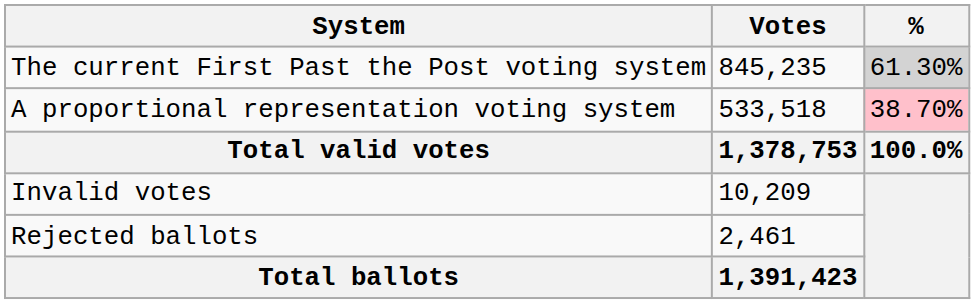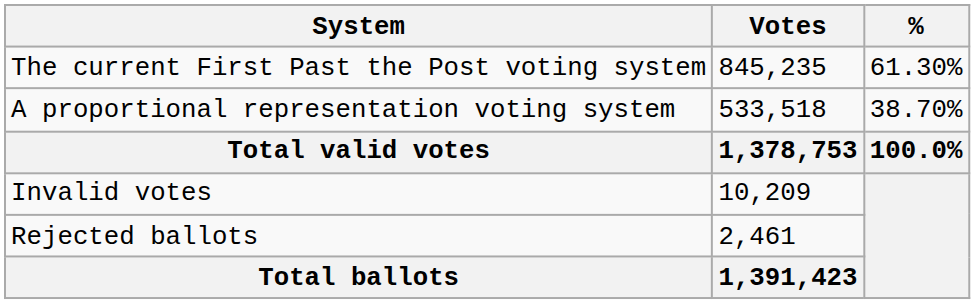 <table class="wikitable">
 <tr>
 <th>System</th>
 <th>Votes</th>
 <th>%</th>
 </tr>
 <tr>
 <td>The current First Past the Post voting system</td>
 <td>845,235</td>
-<td style="background: lightgrey;">61.30%</td>
+<td>61.30%</td>
 </tr>
 <tr>
 <td>A proportional representation voting system</td>
 <td>533,518</td>
-<td style="background: pink;">38.70%</td>
+<td>38.70%</td>
 </tr>
 <tr>
 <th>Total valid votes</th>
 <th>1,378,753</th>
 <th>100.0%</th>
 </tr>
 <tr>
 <td>Invalid votes</td>
 <td>10,209</td>
 <th rowspan="3"></th>
 </tr>
 <tr>
 <td>Rejected ballots</td>
 <td>2,461</td>
 </tr>
 <tr>
 <th>Total ballots</th>
 <th>1,391,423</th>
 </tr>
 </table>
